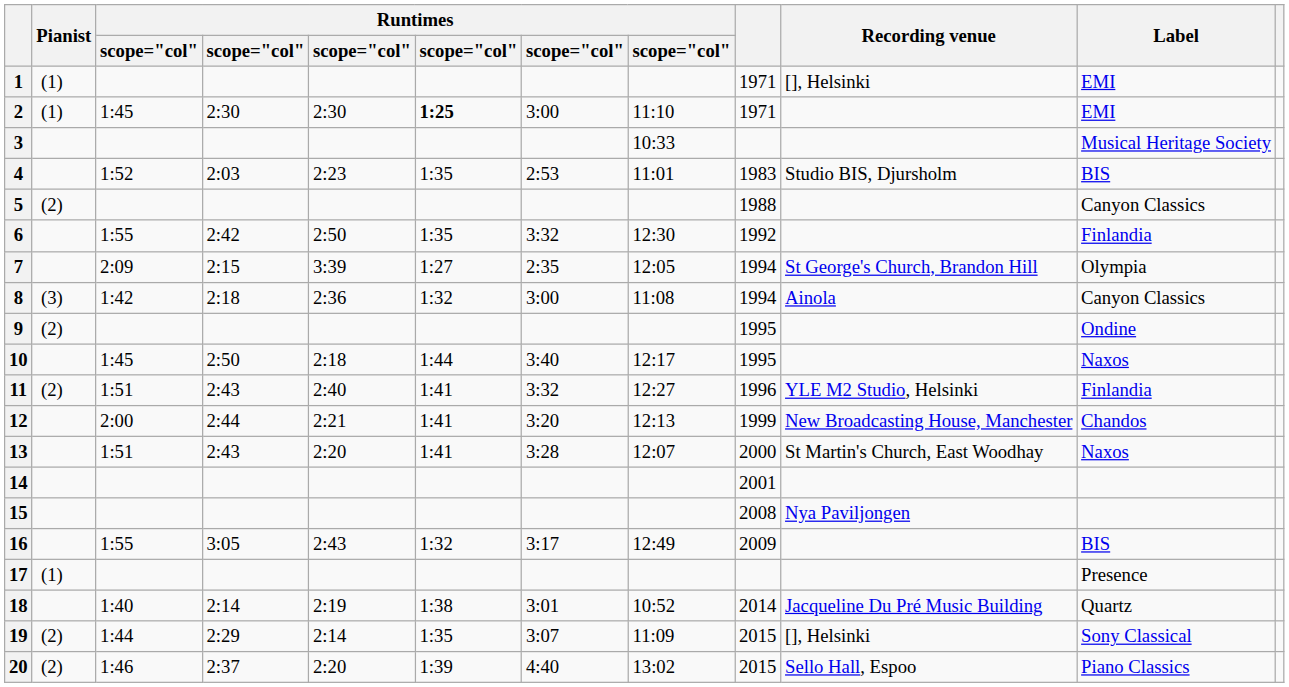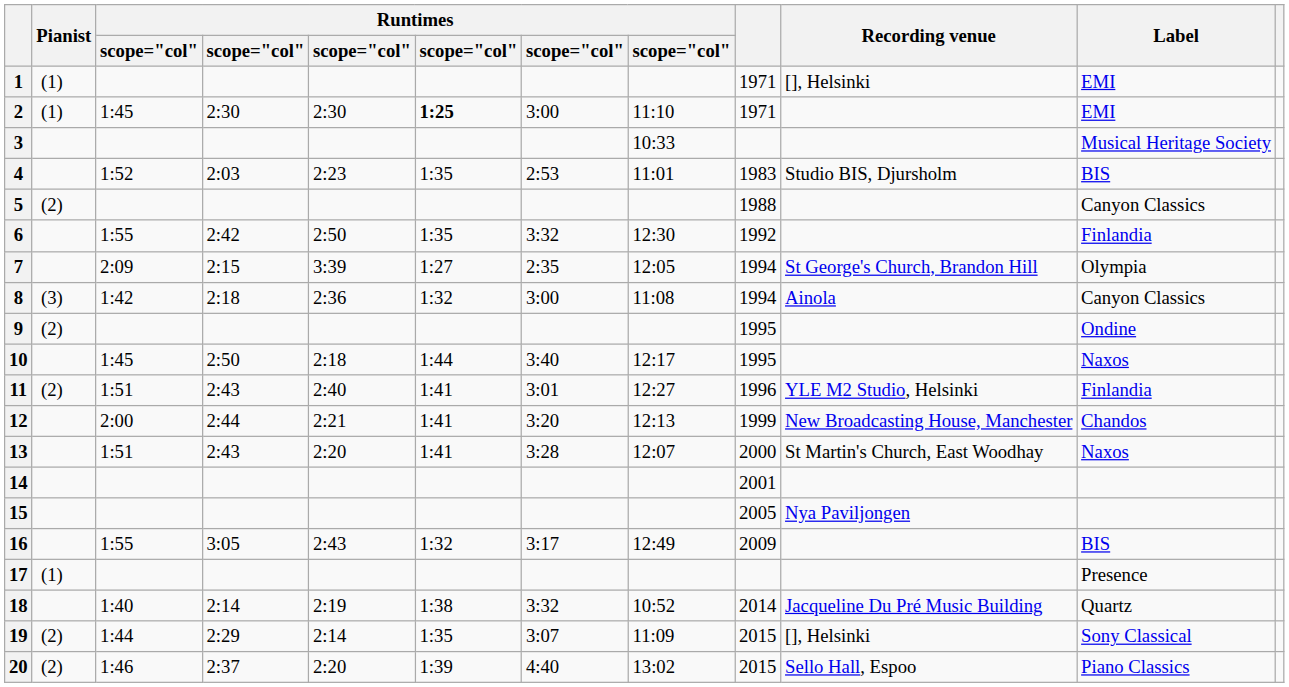 <table class="wikitable sortable" style="margin-right:0; font-size:95%">
 <tr>
 <th rowspan=2 scope="col"></th>
 <th rowspan=2 scope=col>Pianist</th>
 <th colspan=6 scope=col>Runtimes</th>
 <th rowspan=2 scope=col></th>
 <th rowspan=2 scope=col>Recording venue</th>
 <th rowspan=2 scope=col>Label</th>
 <th rowspan=2 scope=col class="unsortable"></th>
 </tr>
 <tr>
 <th>scope="col" </th>
 <th>scope="col" </th>
 <th>scope="col" </th>
 <th>scope="col" </th>
 <th>scope="col" </th>
 <th>scope="col" </th>
 </tr>
 <tr>
 <th scope="row">1</th>
 <td> (1)</td>
 <td></td>
 <td></td>
 <td></td>
 <td></td>
 <td></td>
 <td></td>
 <td>1971</td>
 <td>[], Helsinki</td>
 <td><a href='#'>EMI</a></td>
 <td></td>
 </tr>
 <tr>
 <th scope="row">2</th>
 <td> (1)</td>
 <td>1:45</td>
 <td>2:30</td>
 <td>2:30</td>
 <td><strong>1:25</strong></td>
 <td>3:00</td>
 <td>11:10</td>
 <td>1971</td>
 <td></td>
 <td><a href='#'>EMI</a></td>
 <td></td>
 </tr>
 <tr>
 <th scope="row">3</th>
 <td></td>
 <td></td>
 <td></td>
 <td></td>
 <td></td>
 <td></td>
 <td>10:33</td>
 <td></td>
 <td></td>
 <td><a href='#'>Musical Heritage Society</a></td>
 <td></td>
 </tr>
 <tr>
 <th scope="row">4</th>
 <td></td>
 <td>1:52</td>
 <td>2:03</td>
 <td>2:23</td>
 <td>1:35</td>
 <td>2:53</td>
 <td>11:01</td>
 <td>1983</td>
 <td>Studio BIS, Djursholm</td>
 <td><a href='#'>BIS</a></td>
 <td></td>
 </tr>
 <tr>
 <th scope="row">5</th>
 <td> (2)</td>
 <td></td>
 <td></td>
 <td></td>
 <td></td>
 <td></td>
 <td></td>
 <td>1988</td>
 <td></td>
 <td>Canyon Classics</td>
 <td></td>
 </tr>
 <tr>
 <th scope="row">6</th>
 <td></td>
 <td>1:55</td>
 <td>2:42</td>
 <td>2:50</td>
 <td>1:35</td>
 <td>3:32</td>
 <td>12:30</td>
 <td>1992</td>
 <td></td>
 <td><a href='#'>Finlandia</a></td>
 <td></td>
 </tr>
 <tr>
 <th scope="row">7</th>
 <td></td>
 <td>2:09</td>
 <td>2:15</td>
 <td>3:39</td>
 <td>1:27</td>
 <td>2:35</td>
 <td>12:05</td>
 <td>1994</td>
 <td><a href='#'>St George's Church, Brandon Hill</a></td>
 <td>Olympia</td>
 <td></td>
 </tr>
 <tr>
 <th scope="row">8</th>
 <td> (3)</td>
 <td>1:42</td>
 <td>2:18</td>
 <td>2:36</td>
 <td>1:32</td>
 <td>3:00</td>
 <td>11:08</td>
 <td>1994</td>
 <td><a href='#'>Ainola</a></td>
 <td>Canyon Classics</td>
 <td></td>
 </tr>
 <tr>
 <th scope="row">9</th>
 <td> (2)</td>
 <td></td>
 <td></td>
 <td></td>
 <td></td>
 <td></td>
 <td></td>
 <td>1995</td>
 <td></td>
 <td><a href='#'>Ondine</a></td>
 <td></td>
 </tr>
 <tr>
 <th scope="row">10</th>
 <td></td>
 <td>1:45</td>
 <td>2:50</td>
 <td>2:18</td>
 <td>1:44</td>
 <td>3:40</td>
 <td>12:17</td>
 <td>1995</td>
 <td></td>
 <td><a href='#'>Naxos</a></td>
 <td></td>
 </tr>
 <tr>
 <th scope="row">11</th>
 <td> (2)</td>
 <td>1:51</td>
 <td>2:43</td>
 <td>2:40</td>
 <td>1:41</td>
-<td>3:32</td>
+<td>3:01</td>
 <td>12:27</td>
 <td>1996</td>
 <td><a href='#'>YLE M2 Studio</a>, Helsinki</td>
 <td><a href='#'>Finlandia</a></td>
 <td></td>
 </tr>
 <tr>
 <th scope="row">12</th>
 <td></td>
 <td>2:00</td>
 <td>2:44</td>
 <td>2:21</td>
 <td>1:41</td>
 <td>3:20</td>
 <td>12:13</td>
 <td>1999</td>
 <td><a href='#'>New Broadcasting House, Manchester</a></td>
 <td><a href='#'>Chandos</a></td>
 <td></td>
 </tr>
 <tr>
 <th scope="row">13</th>
 <td></td>
 <td>1:51</td>
 <td>2:43</td>
 <td>2:20</td>
 <td>1:41</td>
 <td>3:28</td>
 <td>12:07</td>
 <td>2000</td>
 <td>St Martin's Church, East Woodhay</td>
 <td><a href='#'>Naxos</a></td>
 <td></td>
 </tr>
 <tr>
 <th scope="row">14</th>
 <td></td>
 <td></td>
 <td></td>
 <td></td>
 <td></td>
 <td></td>
 <td></td>
 <td>2001</td>
 <td></td>
 <td></td>
 <td></td>
 </tr>
 <tr>
 <th scope="row">15</th>
 <td></td>
 <td></td>
 <td></td>
 <td></td>
 <td></td>
 <td></td>
 <td></td>
-<td>2008</td>
+<td>2005</td>
 <td><a href='#'>Nya Paviljongen</a></td>
 <td></td>
 <td></td>
 </tr>
 <tr>
 <th scope="row">16</th>
 <td></td>
 <td>1:55</td>
 <td>3:05</td>
 <td>2:43</td>
 <td>1:32</td>
 <td>3:17</td>
 <td>12:49</td>
 <td>2009</td>
 <td></td>
 <td><a href='#'>BIS</a></td>
 <td></td>
 </tr>
 <tr>
 <th scope="row">17</th>
 <td> (1)</td>
 <td></td>
 <td></td>
 <td></td>
 <td></td>
 <td></td>
 <td></td>
 <td></td>
 <td></td>
 <td>Presence</td>
 <td></td>
 </tr>
 <tr>
 <th scope="row">18</th>
 <td></td>
 <td>1:40</td>
 <td>2:14</td>
 <td>2:19</td>
 <td>1:38</td>
-<td>3:01</td>
+<td>3:32</td>
 <td>10:52</td>
 <td>2014</td>
 <td><a href='#'>Jacqueline Du Pré Music Building</a></td>
 <td>Quartz</td>
 <td></td>
 </tr>
 <tr>
 <th scope="row">19</th>
 <td> (2)</td>
 <td>1:44</td>
 <td>2:29</td>
 <td>2:14</td>
 <td>1:35</td>
 <td>3:07</td>
 <td>11:09</td>
 <td>2015</td>
 <td>[], Helsinki</td>
 <td><a href='#'>Sony Classical</a></td>
 <td></td>
 </tr>
 <tr>
 <th scope="row">20</th>
 <td> (2)</td>
 <td>1:46</td>
 <td>2:37</td>
 <td>2:20</td>
 <td>1:39</td>
 <td>4:40</td>
 <td>13:02</td>
 <td>2015</td>
 <td><a href='#'>Sello Hall</a>, Espoo</td>
 <td><a href='#'>Piano Classics</a></td>
 <td></td>
 </tr>
 </table>
